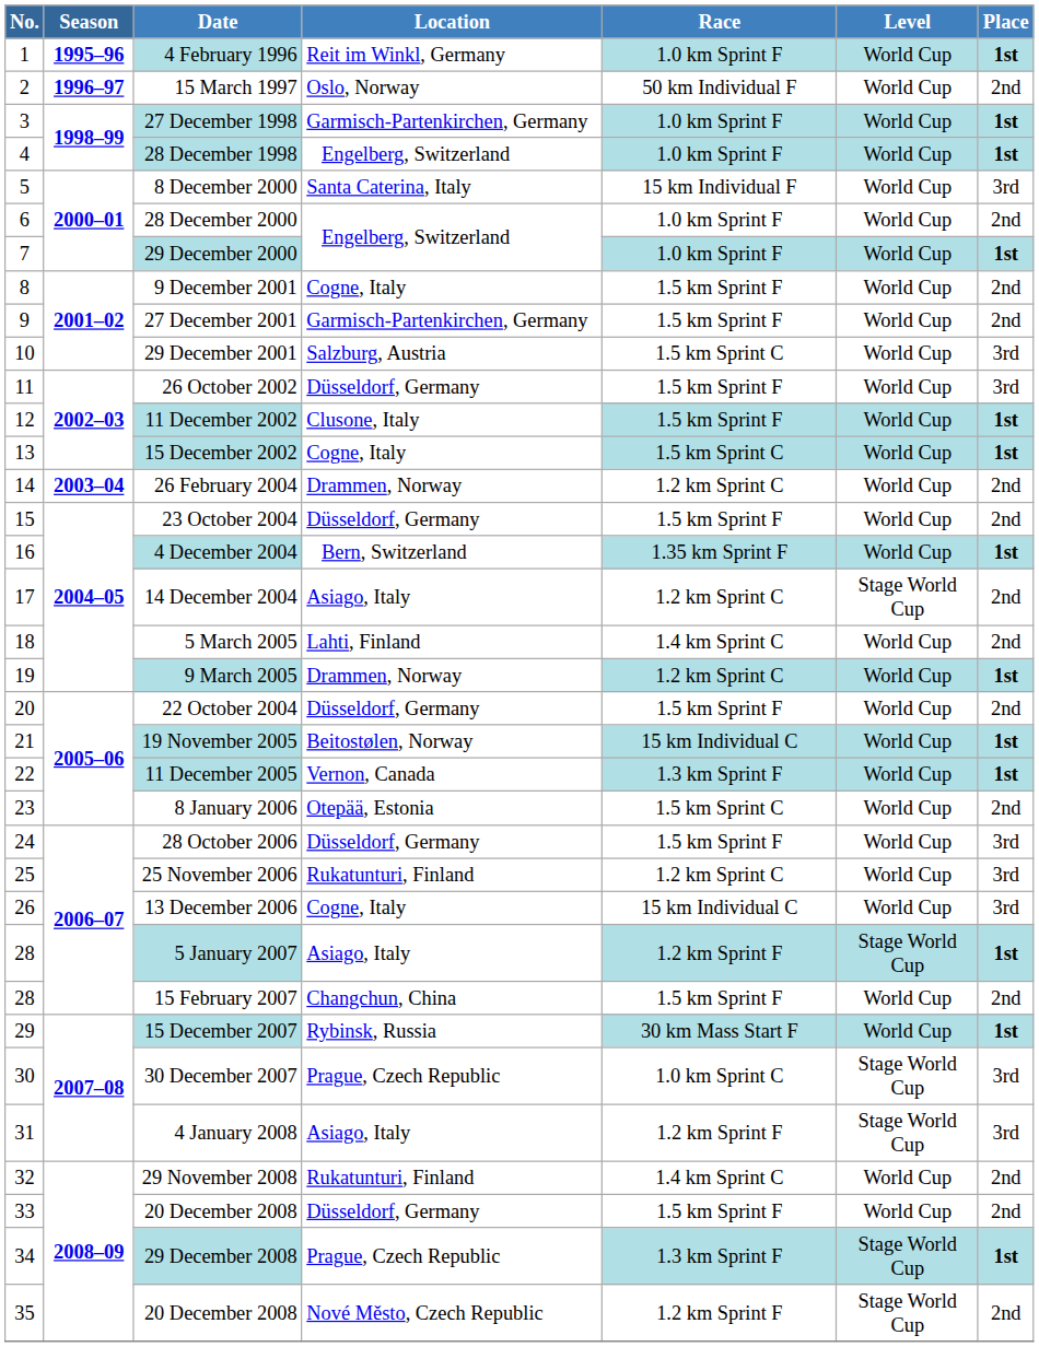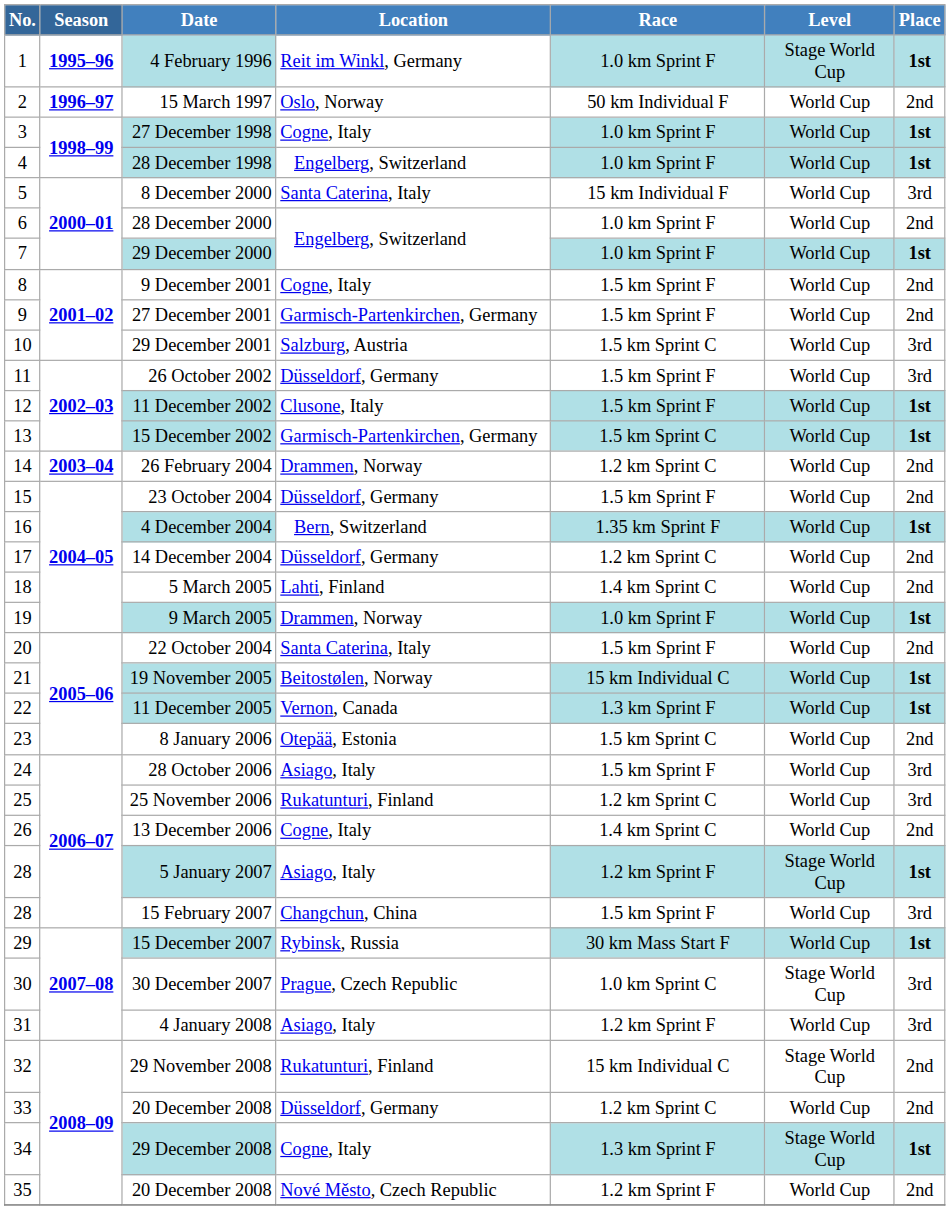 <table class="wikitable sortable" style="font-size:95%; text-align:center; border:grey solid 1px; border-collapse:collapse; background:#ffffff;">
 <tr style="background:#efefef;">
 <th style="background-color:#369; color:white;">No.</th>
 <th style="background-color:#369; color:white;">Season</th>
 <th style="background-color:#4180be; color:white; width:120px;">Date</th>
 <th style="background-color:#4180be; color:white; width:220px;">Location</th>
 <th style="background-color:#4180be; color:white; width:170px;">Race</th>
 <th style="background-color:#4180be; color:white; width:100px;">Level</th>
 <th style="background-color:#4180be; color:white;">Place</th>
 </tr>
 <tr>
 <td align=center>1</td>
 <td rowspan=1 align=center><strong><a href='#'>1995–96</a></strong></td>
 <td bgcolor="#BOEOE6" align=right>4 February 1996</td>
 <td align=left> <a href='#'>Reit im Winkl</a>, Germany</td>
 <td bgcolor="#BOEOE6">1.0 km Sprint F</td>
-<td bgcolor="#BOEOE6">World Cup</td>
+<td bgcolor="#BOEOE6">Stage World Cup</td>
 <td bgcolor="#BOEOE6"><strong>1st</strong></td>
 </tr>
 <tr>
 <td align=center>2</td>
 <td rowspan=1 align=center><strong> <a href='#'>1996–97</a> </strong></td>
 <td align=right>15 March 1997</td>
 <td align=left> <a href='#'>Oslo</a>, Norway</td>
 <td>50 km Individual F</td>
 <td>World Cup</td>
 <td>2nd</td>
 </tr>
 <tr>
 <td align=center>3</td>
 <td rowspan=2 align=center><strong><a href='#'>1998–99</a></strong></td>
 <td bgcolor="#BOEOE6" align=right>27 December 1998</td>
-<td align=left> <a href='#'>Garmisch-Partenkirchen</a>, Germany</td>
+<td align=left> <a href='#'>Cogne</a>, Italy</td>
 <td bgcolor="#BOEOE6">1.0 km Sprint F</td>
 <td bgcolor="#BOEOE6">World Cup</td>
 <td bgcolor="#BOEOE6"><strong>1st</strong></td>
 </tr>
 <tr>
 <td align=center>4</td>
 <td bgcolor="#BOEOE6" align=right>28 December 1998</td>
 <td align=left>   <a href='#'>Engelberg</a>, Switzerland</td>
 <td bgcolor="#BOEOE6">1.0 km Sprint F</td>
 <td bgcolor="#BOEOE6">World Cup</td>
 <td bgcolor="#BOEOE6"><strong>1st</strong></td>
 </tr>
 <tr>
 <td align=center>5</td>
 <td rowspan=3 align=center><strong> <a href='#'>2000–01</a> </strong></td>
 <td align=right>8 December 2000</td>
 <td align=left> <a href='#'>Santa Caterina</a>, Italy</td>
 <td>15 km Individual F</td>
 <td>World Cup</td>
 <td>3rd</td>
 </tr>
 <tr>
 <td align=center>6</td>
 <td align=right>28 December 2000</td>
 <td rowspan=2 align=left>   <a href='#'>Engelberg</a>, Switzerland</td>
 <td>1.0 km Sprint F</td>
 <td>World Cup</td>
 <td>2nd</td>
 </tr>
 <tr>
 <td align=center>7</td>
 <td bgcolor="#BOEOE6" align=right>29 December 2000</td>
 <td bgcolor="#BOEOE6">1.0 km Sprint F</td>
 <td bgcolor="#BOEOE6">World Cup</td>
 <td bgcolor="#BOEOE6"><strong>1st</strong></td>
 </tr>
 <tr>
 <td align=center>8</td>
 <td rowspan=3 align=center><strong> <a href='#'>2001–02</a> </strong></td>
 <td align=right>9 December 2001</td>
 <td align=left> <a href='#'>Cogne</a>, Italy</td>
 <td>1.5 km Sprint F</td>
 <td>World Cup</td>
 <td>2nd</td>
 </tr>
 <tr>
 <td align=center>9</td>
 <td align=right>27 December 2001</td>
 <td align=left> <a href='#'>Garmisch-Partenkirchen</a>, Germany</td>
 <td>1.5 km Sprint F</td>
 <td>World Cup</td>
 <td>2nd</td>
 </tr>
 <tr>
 <td align=center>10</td>
 <td align=right>29 December 2001</td>
 <td align=left> <a href='#'>Salzburg</a>, Austria</td>
 <td>1.5 km Sprint C</td>
 <td>World Cup</td>
 <td>3rd</td>
 </tr>
 <tr>
 <td align=center>11</td>
 <td rowspan=3 align=center><strong> <a href='#'>2002–03</a> </strong></td>
 <td align=right>26 October 2002</td>
 <td align=left> <a href='#'>Düsseldorf</a>, Germany</td>
 <td>1.5 km Sprint F</td>
 <td>World Cup</td>
 <td>3rd</td>
 </tr>
 <tr>
 <td align=center>12</td>
 <td bgcolor="#BOEOE6" align=right>11 December 2002</td>
 <td align=left> <a href='#'>Clusone</a>, Italy</td>
 <td bgcolor="#BOEOE6">1.5 km Sprint F</td>
 <td bgcolor="#BOEOE6">World Cup</td>
 <td bgcolor="#BOEOE6"><strong>1st</strong></td>
 </tr>
 <tr>
 <td align=center>13</td>
 <td bgcolor="#BOEOE6" align=right>15 December 2002</td>
-<td align=left> <a href='#'>Cogne</a>, Italy</td>
+<td align=left> <a href='#'>Garmisch-Partenkirchen</a>, Germany</td>
 <td bgcolor="#BOEOE6">1.5 km Sprint C</td>
 <td bgcolor="#BOEOE6">World Cup</td>
 <td bgcolor="#BOEOE6"><strong>1st</strong></td>
 </tr>
 <tr>
 <td align=center>14</td>
 <td rowspan=1 align=center><strong> <a href='#'>2003–04</a> </strong></td>
 <td align=right>26 February 2004</td>
 <td align=left> <a href='#'>Drammen</a>, Norway</td>
 <td>1.2 km Sprint C</td>
 <td>World Cup</td>
 <td>2nd</td>
 </tr>
 <tr>
 <td align=center>15</td>
 <td rowspan=5 align=center><strong> <a href='#'>2004–05</a> </strong></td>
 <td align=right>23 October 2004</td>
 <td align=left> <a href='#'>Düsseldorf</a>, Germany</td>
 <td>1.5 km Sprint F</td>
 <td>World Cup</td>
 <td>2nd</td>
 </tr>
 <tr>
 <td align=center>16</td>
 <td bgcolor="#BOEOE6" align=right>4 December 2004</td>
 <td align=left>   <a href='#'>Bern</a>, Switzerland</td>
 <td bgcolor="#BOEOE6">1.35 km Sprint F</td>
 <td bgcolor="#BOEOE6">World Cup</td>
 <td bgcolor="#BOEOE6"><strong>1st</strong></td>
 </tr>
 <tr>
 <td align=center>17</td>
 <td align=right>14 December 2004</td>
-<td align=left> <a href='#'>Asiago</a>, Italy</td>
+<td align=left> <a href='#'>Düsseldorf</a>, Germany</td>
 <td>1.2 km Sprint C</td>
-<td>Stage World Cup</td>
+<td>World Cup</td>
 <td>2nd</td>
 </tr>
 <tr>
 <td align=center>18</td>
 <td align=right>5 March 2005</td>
 <td align=left> <a href='#'>Lahti</a>, Finland</td>
 <td>1.4 km Sprint C</td>
 <td>World Cup</td>
 <td>2nd</td>
 </tr>
 <tr>
 <td align=center>19</td>
 <td bgcolor="#BOEOE6" align=right>9 March 2005</td>
 <td align=left> <a href='#'>Drammen</a>, Norway</td>
-<td bgcolor="#BOEOE6">1.2 km Sprint C</td>
+<td bgcolor="#BOEOE6">1.0 km Sprint F</td>
 <td bgcolor="#BOEOE6">World Cup</td>
 <td bgcolor="#BOEOE6"><strong>1st</strong></td>
 </tr>
 <tr>
 <td align=center>20</td>
 <td rowspan=4 align=center><strong> <a href='#'>2005–06</a> </strong></td>
 <td align=right>22 October 2004</td>
-<td align=left> <a href='#'>Düsseldorf</a>, Germany</td>
+<td align=left> <a href='#'>Santa Caterina</a>, Italy</td>
 <td>1.5 km Sprint F</td>
 <td>World Cup</td>
 <td>2nd</td>
 </tr>
 <tr>
 <td align=center>21</td>
 <td bgcolor="#BOEOE6" align=right>19 November 2005</td>
 <td align=left> <a href='#'>Beitostølen</a>, Norway</td>
 <td bgcolor="#BOEOE6">15 km Individual C</td>
 <td bgcolor="#BOEOE6">World Cup</td>
 <td bgcolor="#BOEOE6"><strong>1st</strong></td>
 </tr>
 <tr>
 <td align=center>22</td>
 <td bgcolor="#BOEOE6" align=right>11 December 2005</td>
 <td align=left> <a href='#'>Vernon</a>, Canada</td>
 <td bgcolor="#BOEOE6">1.3 km Sprint F</td>
 <td bgcolor="#BOEOE6">World Cup</td>
 <td bgcolor="#BOEOE6"><strong>1st</strong></td>
 </tr>
 <tr>
 <td align=center>23</td>
 <td align=right>8 January 2006</td>
 <td align=left> <a href='#'>Otepää</a>, Estonia</td>
 <td>1.5 km Sprint C</td>
 <td>World Cup</td>
 <td>2nd</td>
 </tr>
 <tr>
 <td align=center>24</td>
 <td rowspan=5 align=center><strong> <a href='#'>2006–07</a> </strong></td>
 <td align=right>28 October 2006</td>
-<td align=left> <a href='#'>Düsseldorf</a>, Germany</td>
+<td align=left> <a href='#'>Asiago</a>, Italy</td>
 <td>1.5 km Sprint F</td>
 <td>World Cup</td>
 <td>3rd</td>
 </tr>
 <tr>
 <td align=center>25</td>
 <td align=right>25 November 2006</td>
 <td align=left> <a href='#'>Rukatunturi</a>, Finland</td>
 <td>1.2 km Sprint C</td>
 <td>World Cup</td>
 <td>3rd</td>
 </tr>
 <tr>
 <td align=center>26</td>
 <td align=right>13 December 2006</td>
 <td align=left> <a href='#'>Cogne</a>, Italy</td>
-<td>15 km Individual C</td>
+<td>1.4 km Sprint C</td>
 <td>World Cup</td>
-<td>3rd</td>
+<td>2nd</td>
 </tr>
 <tr>
 <td align=center>28</td>
 <td bgcolor="#BOEOE6" align=right>5 January 2007</td>
 <td align=left> <a href='#'>Asiago</a>, Italy</td>
 <td bgcolor="#BOEOE6">1.2 km Sprint F</td>
 <td bgcolor="#BOEOE6">Stage World Cup</td>
 <td bgcolor="#BOEOE6"><strong>1st</strong></td>
 </tr>
 <tr>
 <td align=center>28</td>
 <td align=right>15 February 2007</td>
 <td align=left> <a href='#'>Changchun</a>, China</td>
 <td>1.5 km Sprint F</td>
 <td>World Cup</td>
-<td>2nd</td>
+<td>3rd</td>
 </tr>
 <tr>
 <td align=center>29</td>
 <td rowspan=3 align=center><strong><a href='#'>2007–08</a></strong></td>
 <td bgcolor="#BOEOE6" align=right>15 December 2007</td>
 <td align=left> <a href='#'>Rybinsk</a>, Russia</td>
 <td bgcolor="#BOEOE6">30 km Mass Start F</td>
 <td bgcolor="#BOEOE6">World Cup</td>
 <td bgcolor="#BOEOE6"><strong>1st</strong></td>
 </tr>
 <tr>
 <td align=center>30</td>
 <td align=right>30 December 2007</td>
 <td align=left> <a href='#'>Prague</a>, Czech Republic</td>
 <td>1.0 km Sprint C</td>
 <td>Stage World Cup</td>
 <td>3rd</td>
 </tr>
 <tr>
 <td align=center>31</td>
 <td align=right>4 January 2008</td>
 <td align=left> <a href='#'>Asiago</a>, Italy</td>
 <td>1.2 km Sprint F</td>
-<td>Stage World Cup</td>
+<td>World Cup</td>
 <td>3rd</td>
 </tr>
 <tr>
 <td align=center>32</td>
 <td rowspan=4 align=center><strong> <a href='#'>2008–09</a> </strong></td>
 <td align=right>29 November 2008</td>
 <td align=left> <a href='#'>Rukatunturi</a>, Finland</td>
-<td>1.4 km Sprint C</td>
-<td>World Cup</td>
+<td>15 km Individual C</td>
+<td>Stage World Cup</td>
 <td>2nd</td>
 </tr>
 <tr>
 <td align=center>33</td>
 <td align=right>20 December 2008</td>
 <td align=left> <a href='#'>Düsseldorf</a>, Germany</td>
-<td>1.5 km Sprint F</td>
+<td>1.2 km Sprint C</td>
 <td>World Cup</td>
 <td>2nd</td>
 </tr>
 <tr>
 <td align=center>34</td>
 <td bgcolor="#BOEOE6" align=right>29 December 2008</td>
-<td align=left> <a href='#'>Prague</a>, Czech Republic</td>
+<td align=left> <a href='#'>Cogne</a>, Italy</td>
 <td bgcolor="#BOEOE6">1.3 km Sprint F</td>
 <td bgcolor="#BOEOE6">Stage World Cup</td>
 <td bgcolor="#BOEOE6"><strong>1st</strong></td>
 </tr>
 <tr>
 <td align=center>35</td>
 <td align=right>20 December 2008</td>
 <td align=left> <a href='#'>Nové Město</a>, Czech Republic</td>
 <td>1.2 km Sprint F</td>
-<td>Stage World Cup</td>
+<td>World Cup</td>
 <td>2nd</td>
 </tr>
 <tr>
 </tr>
 </table>
